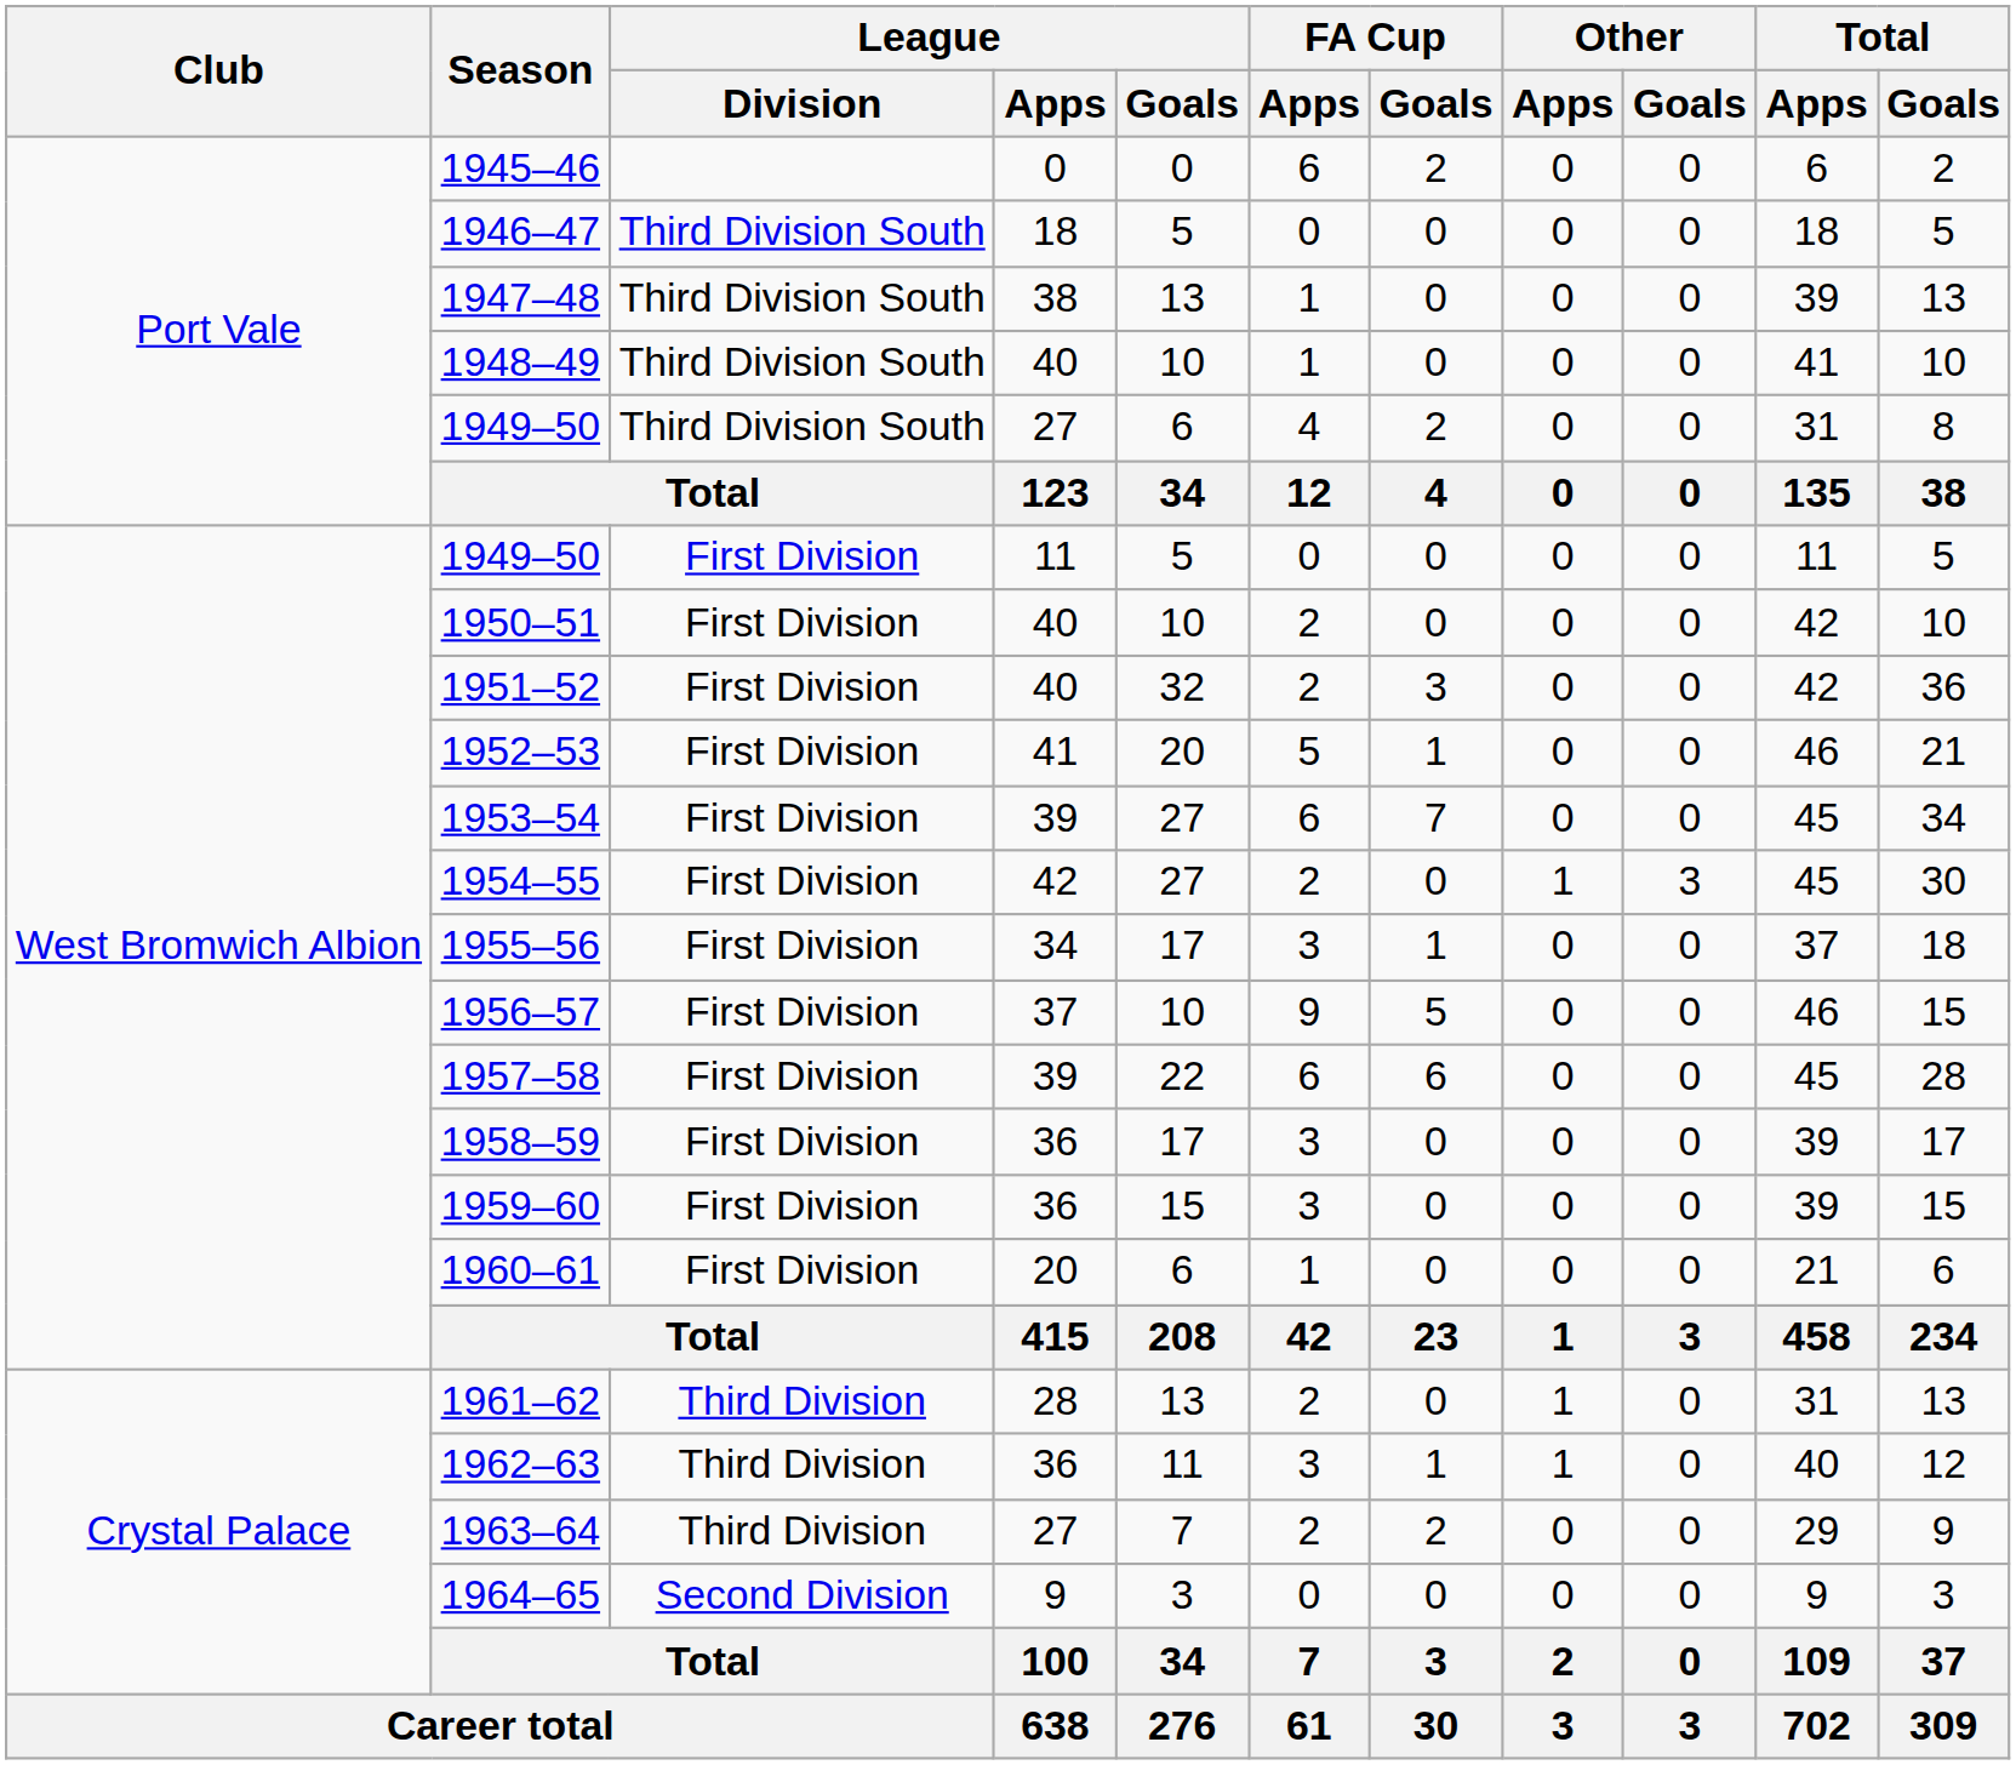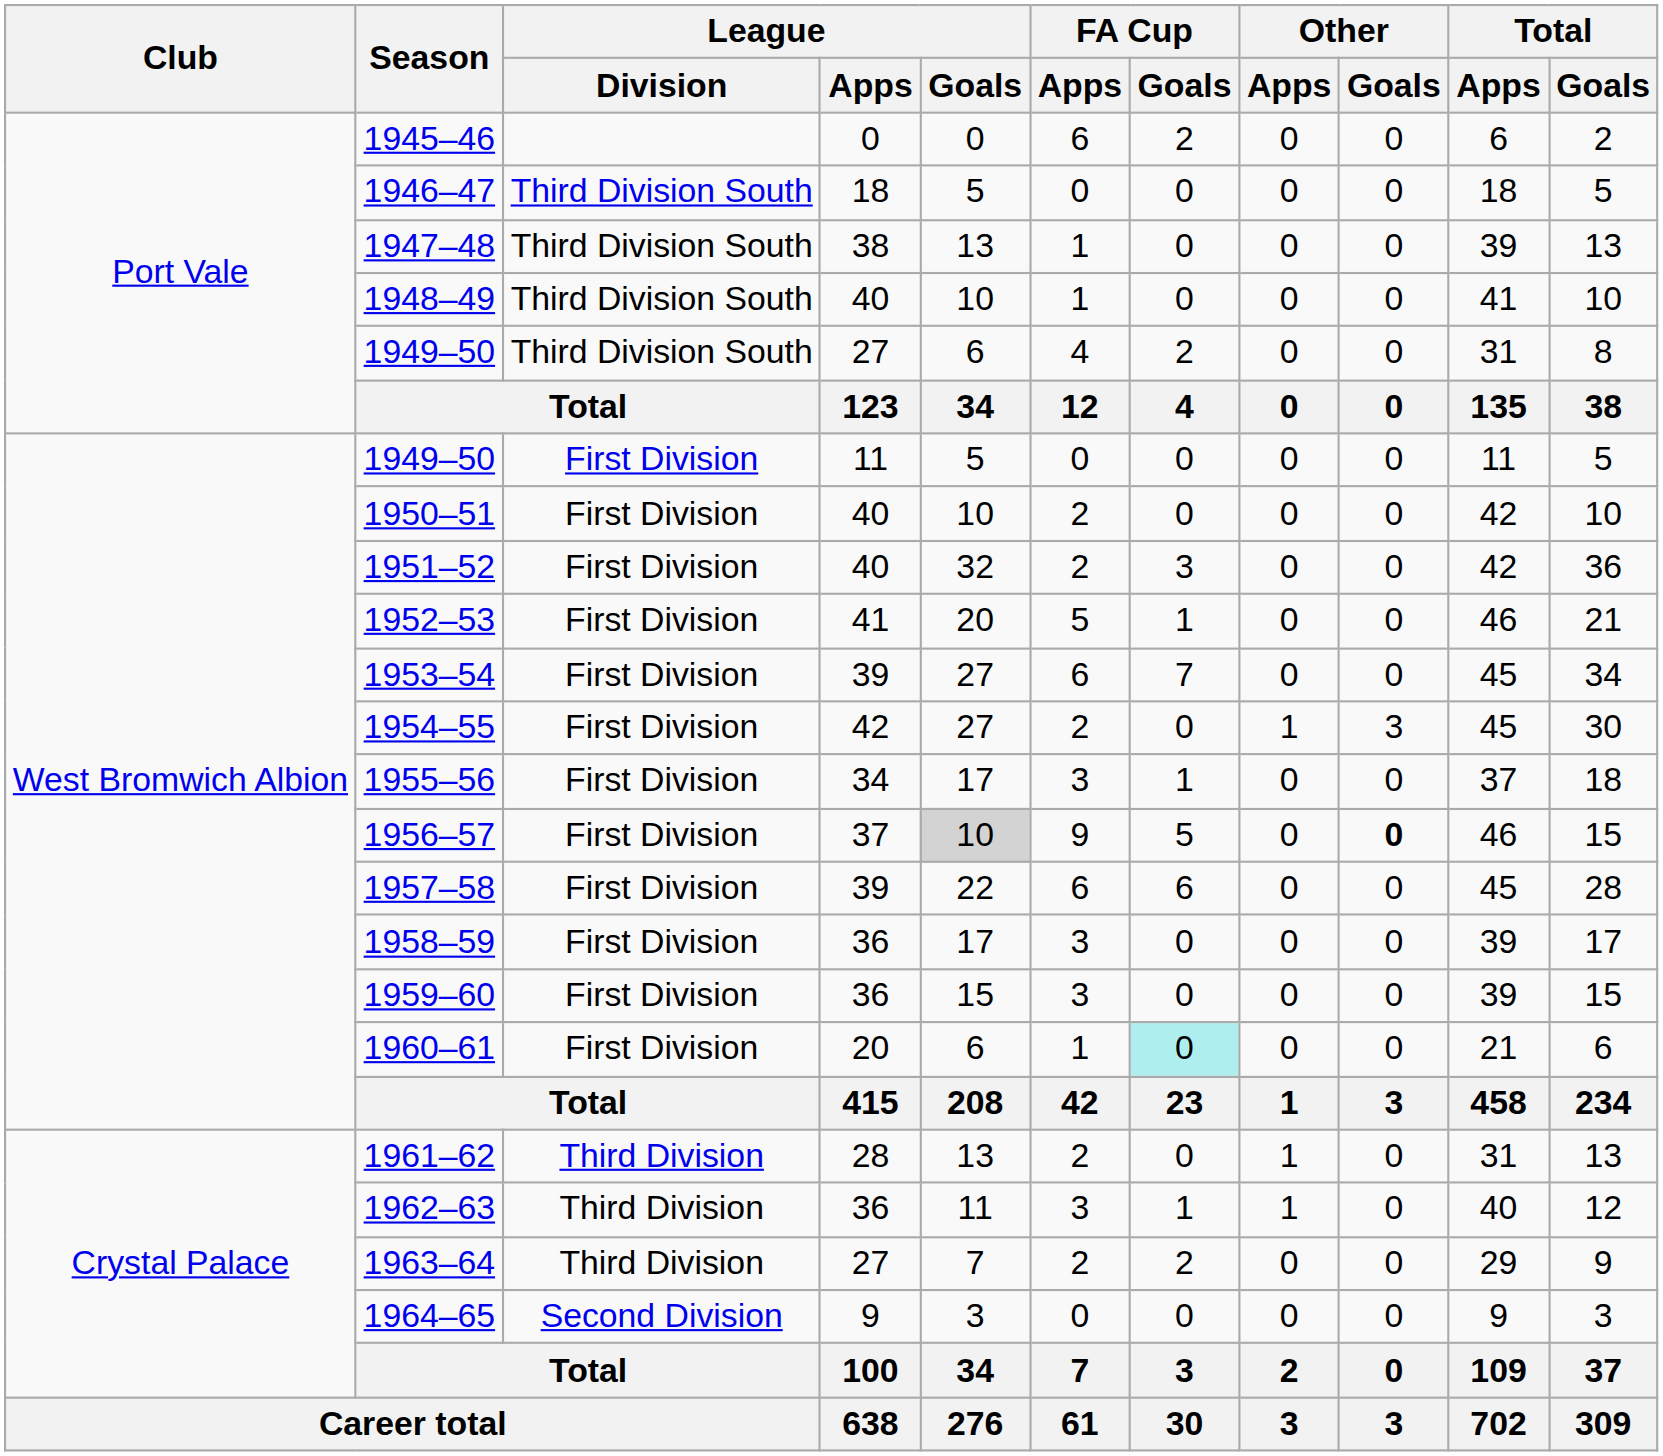 <table class="wikitable" style="text-align:center">
 <tr>
 <th rowspan="2">Club</th>
 <th rowspan="2">Season</th>
 <th colspan="3">League</th>
 <th colspan="2">FA Cup</th>
 <th colspan="2">Other</th>
 <th colspan="2">Total</th>
 </tr>
 <tr>
 <th>Division</th>
 <th>Apps</th>
 <th>Goals</th>
 <th>Apps</th>
 <th>Goals</th>
 <th>Apps</th>
 <th>Goals</th>
 <th>Apps</th>
 <th>Goals</th>
 </tr>
 <tr>
 <td rowspan="6"><a href='#'>Port Vale</a></td>
 <td><a href='#'>1945–46</a></td>
 <td></td>
 <td>0</td>
 <td>0</td>
 <td>6</td>
 <td>2</td>
 <td>0</td>
 <td>0</td>
 <td>6</td>
 <td>2</td>
 </tr>
 <tr>
 <td><a href='#'>1946–47</a></td>
 <td><a href='#'>Third Division South</a></td>
 <td>18</td>
 <td>5</td>
 <td>0</td>
 <td>0</td>
 <td>0</td>
 <td>0</td>
 <td>18</td>
 <td>5</td>
 </tr>
 <tr>
 <td><a href='#'>1947–48</a></td>
 <td>Third Division South</td>
 <td>38</td>
 <td>13</td>
 <td>1</td>
 <td>0</td>
 <td>0</td>
 <td>0</td>
 <td>39</td>
 <td>13</td>
 </tr>
 <tr>
 <td><a href='#'>1948–49</a></td>
 <td>Third Division South</td>
 <td>40</td>
 <td>10</td>
 <td>1</td>
 <td>0</td>
 <td>0</td>
 <td>0</td>
 <td>41</td>
 <td>10</td>
 </tr>
 <tr>
 <td><a href='#'>1949–50</a></td>
 <td>Third Division South</td>
 <td>27</td>
 <td>6</td>
 <td>4</td>
 <td>2</td>
 <td>0</td>
 <td>0</td>
 <td>31</td>
 <td>8</td>
 </tr>
 <tr>
 <th colspan="2">Total</th>
 <th>123</th>
 <th>34</th>
 <th>12</th>
 <th>4</th>
 <th>0</th>
 <th>0</th>
 <th>135</th>
 <th>38</th>
 </tr>
 <tr>
 <td rowspan="13"><a href='#'>West Bromwich Albion</a></td>
 <td><a href='#'>1949–50</a></td>
 <td><a href='#'>First Division</a></td>
 <td>11</td>
 <td>5</td>
 <td>0</td>
 <td>0</td>
 <td>0</td>
 <td>0</td>
 <td>11</td>
 <td>5</td>
 </tr>
 <tr>
 <td><a href='#'>1950–51</a></td>
 <td>First Division</td>
 <td>40</td>
 <td>10</td>
 <td>2</td>
 <td>0</td>
 <td>0</td>
 <td>0</td>
 <td>42</td>
 <td>10</td>
 </tr>
 <tr>
 <td><a href='#'>1951–52</a></td>
 <td>First Division</td>
 <td>40</td>
 <td>32</td>
 <td>2</td>
 <td>3</td>
 <td>0</td>
 <td>0</td>
 <td>42</td>
 <td>36</td>
 </tr>
 <tr>
 <td><a href='#'>1952–53</a></td>
 <td>First Division</td>
 <td>41</td>
 <td>20</td>
 <td>5</td>
 <td>1</td>
 <td>0</td>
 <td>0</td>
 <td>46</td>
 <td>21</td>
 </tr>
 <tr>
 <td><a href='#'>1953–54</a></td>
 <td>First Division</td>
 <td>39</td>
 <td>27</td>
 <td>6</td>
 <td>7</td>
 <td>0</td>
 <td>0</td>
 <td>45</td>
 <td>34</td>
 </tr>
 <tr>
 <td><a href='#'>1954–55</a></td>
 <td>First Division</td>
 <td>42</td>
 <td>27</td>
 <td>2</td>
 <td>0</td>
 <td>1</td>
 <td>3</td>
 <td>45</td>
 <td>30</td>
 </tr>
 <tr>
 <td><a href='#'>1955–56</a></td>
 <td>First Division</td>
 <td>34</td>
 <td>17</td>
 <td>3</td>
 <td>1</td>
 <td>0</td>
 <td>0</td>
 <td>37</td>
 <td>18</td>
 </tr>
 <tr>
 <td><a href='#'>1956–57</a></td>
 <td>First Division</td>
 <td>37</td>
-<td>10</td>
+<td style="background: lightgrey;">10</td>
 <td>9</td>
 <td>5</td>
 <td>0</td>
-<td>0</td>
+<td><strong>0</strong></td>
 <td>46</td>
 <td>15</td>
 </tr>
 <tr>
 <td><a href='#'>1957–58</a></td>
 <td>First Division</td>
 <td>39</td>
 <td>22</td>
 <td>6</td>
 <td>6</td>
 <td>0</td>
 <td>0</td>
 <td>45</td>
 <td>28</td>
 </tr>
 <tr>
 <td><a href='#'>1958–59</a></td>
 <td>First Division</td>
 <td>36</td>
 <td>17</td>
 <td>3</td>
 <td>0</td>
 <td>0</td>
 <td>0</td>
 <td>39</td>
 <td>17</td>
 </tr>
 <tr>
 <td><a href='#'>1959–60</a></td>
 <td>First Division</td>
 <td>36</td>
 <td>15</td>
 <td>3</td>
 <td>0</td>
 <td>0</td>
 <td>0</td>
 <td>39</td>
 <td>15</td>
 </tr>
 <tr>
 <td><a href='#'>1960–61</a></td>
 <td>First Division</td>
 <td>20</td>
 <td>6</td>
 <td>1</td>
-<td>0</td>
+<td style="background: paleturquoise;">0</td>
 <td>0</td>
 <td>0</td>
 <td>21</td>
 <td>6</td>
 </tr>
 <tr>
 <th colspan="2">Total</th>
 <th>415</th>
 <th>208</th>
 <th>42</th>
 <th>23</th>
 <th>1</th>
 <th>3</th>
 <th>458</th>
 <th>234</th>
 </tr>
 <tr>
 <td rowspan="5"><a href='#'>Crystal Palace</a></td>
 <td><a href='#'>1961–62</a></td>
 <td><a href='#'>Third Division</a></td>
 <td>28</td>
 <td>13</td>
 <td>2</td>
 <td>0</td>
 <td>1</td>
 <td>0</td>
 <td>31</td>
 <td>13</td>
 </tr>
 <tr>
 <td><a href='#'>1962–63</a></td>
 <td>Third Division</td>
 <td>36</td>
 <td>11</td>
 <td>3</td>
 <td>1</td>
 <td>1</td>
 <td>0</td>
 <td>40</td>
 <td>12</td>
 </tr>
 <tr>
 <td><a href='#'>1963–64</a></td>
 <td>Third Division</td>
 <td>27</td>
 <td>7</td>
 <td>2</td>
 <td>2</td>
 <td>0</td>
 <td>0</td>
 <td>29</td>
 <td>9</td>
 </tr>
 <tr>
 <td><a href='#'>1964–65</a></td>
 <td><a href='#'>Second Division</a></td>
 <td>9</td>
 <td>3</td>
 <td>0</td>
 <td>0</td>
 <td>0</td>
 <td>0</td>
 <td>9</td>
 <td>3</td>
 </tr>
 <tr>
 <th colspan="2">Total</th>
 <th>100</th>
 <th>34</th>
 <th>7</th>
 <th>3</th>
 <th>2</th>
 <th>0</th>
 <th>109</th>
 <th>37</th>
 </tr>
 <tr>
 <th colspan="3">Career total</th>
 <th>638</th>
 <th>276</th>
 <th>61</th>
 <th>30</th>
 <th>3</th>
 <th>3</th>
 <th>702</th>
 <th>309</th>
 </tr>
 </table>
